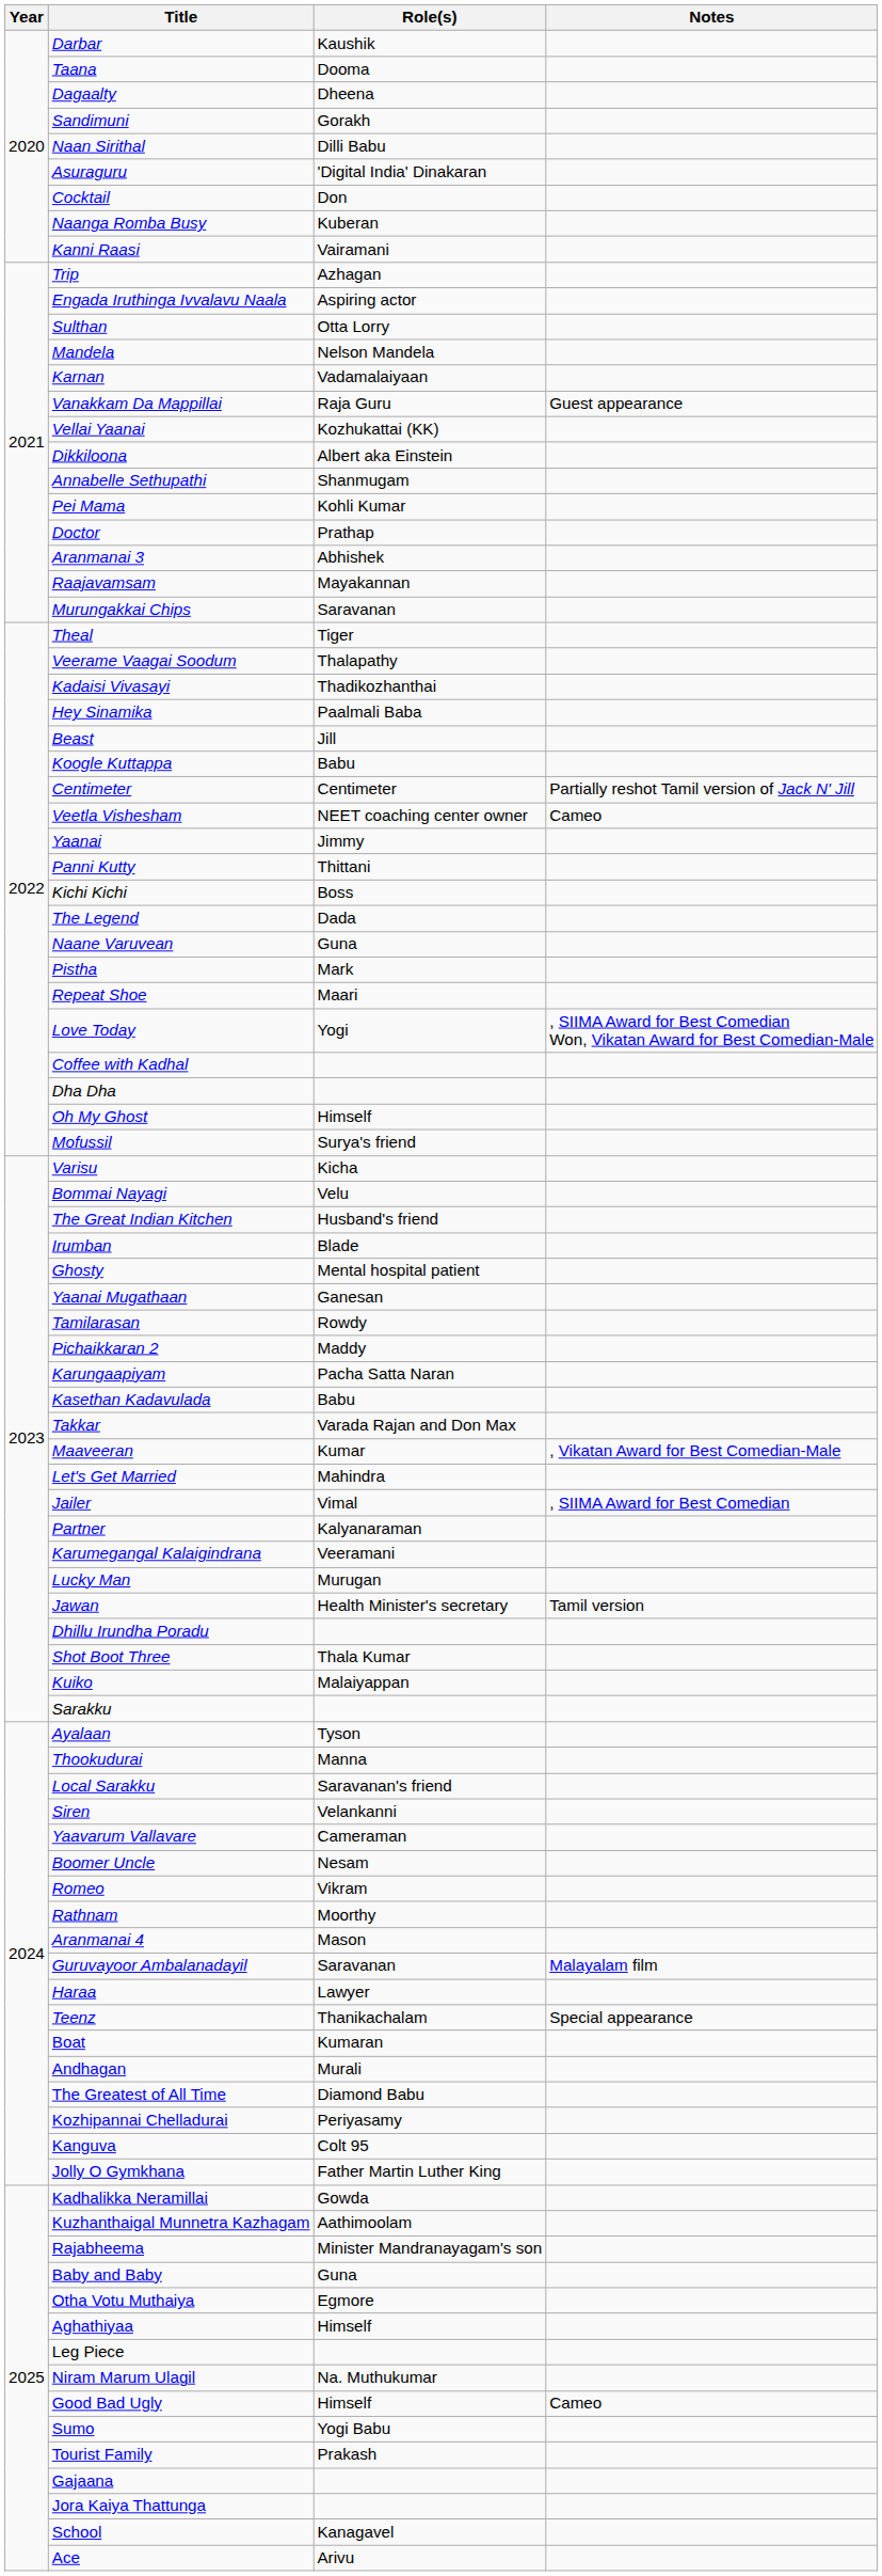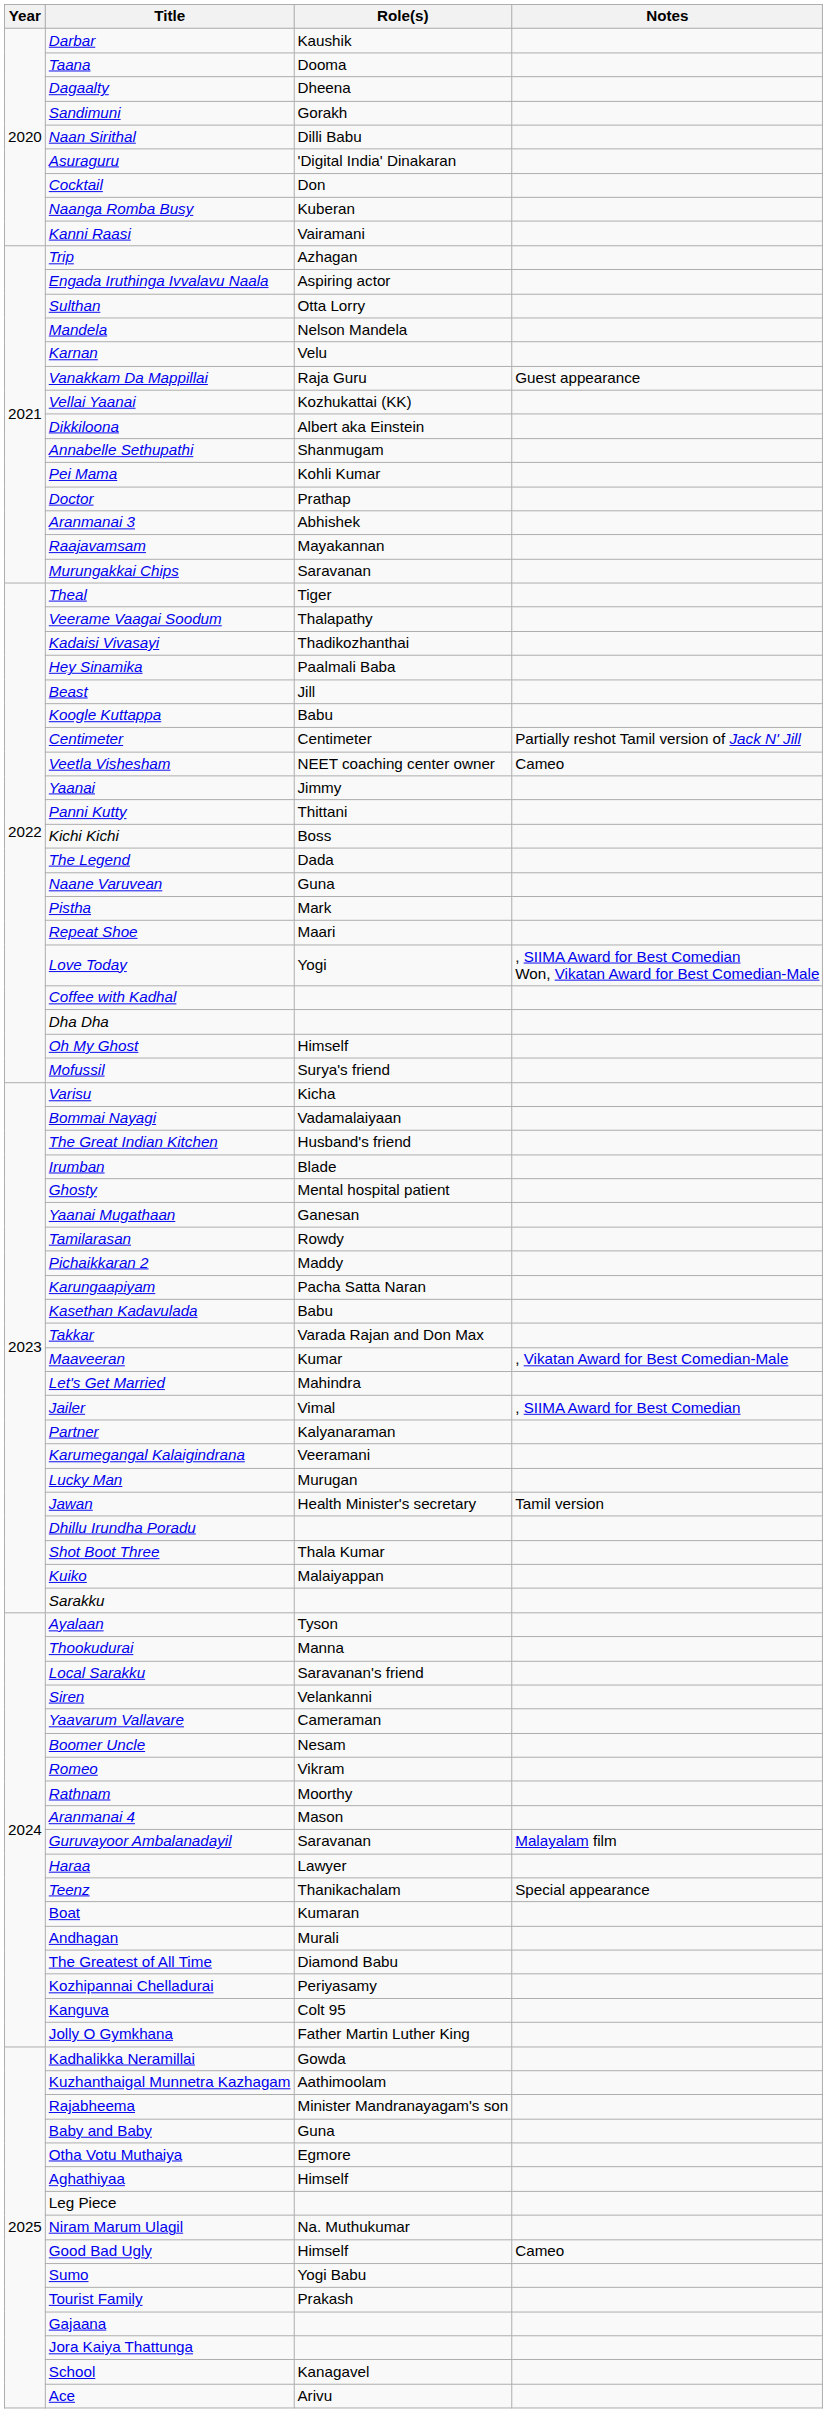 <table class="wikitable sortable">
 <tr style="background:#B0C4DE;">
 <th scope="col">Year</th>
 <th scope="col">Title</th>
 <th scope="col">Role(s)</th>
 <th scope="col" class=unsortable>Notes</th>
 </tr>
 <tr>
 <td rowspan="9">2020</td>
 <td><em><a href='#'>Darbar</a></em></td>
 <td>Kaushik</td>
 <td></td>
 </tr>
 <tr>
 <td><em><a href='#'>Taana</a></em></td>
 <td>Dooma</td>
 <td></td>
 </tr>
 <tr>
 <td><em><a href='#'>Dagaalty</a></em></td>
 <td>Dheena</td>
 <td></td>
 </tr>
 <tr>
 <td><em><a href='#'>Sandimuni</a></em></td>
 <td>Gorakh</td>
 <td></td>
 </tr>
 <tr>
 <td><em><a href='#'>Naan Sirithal</a></em></td>
 <td>Dilli Babu</td>
 <td></td>
 </tr>
 <tr>
 <td><em><a href='#'>Asuraguru</a></em></td>
 <td>'Digital India' Dinakaran</td>
 <td></td>
 </tr>
 <tr>
 <td><em><a href='#'>Cocktail</a></em></td>
 <td>Don</td>
 <td></td>
 </tr>
 <tr>
 <td><em><a href='#'>Naanga Romba Busy</a></em></td>
 <td>Kuberan</td>
 <td></td>
 </tr>
 <tr>
 <td><em><a href='#'>Kanni Raasi</a></em></td>
 <td>Vairamani</td>
 <td></td>
 </tr>
 <tr>
 <td rowspan="14">2021</td>
 <td><em><a href='#'>Trip</a></em></td>
 <td>Azhagan</td>
 <td></td>
 </tr>
 <tr>
 <td><em><a href='#'>Engada Iruthinga Ivvalavu Naala</a></em></td>
 <td>Aspiring actor</td>
 <td></td>
 </tr>
 <tr>
 <td><em><a href='#'>Sulthan</a></em></td>
 <td>Otta Lorry</td>
 <td></td>
 </tr>
 <tr>
 <td><em><a href='#'>Mandela</a></em></td>
 <td>Nelson Mandela</td>
 <td></td>
 </tr>
 <tr>
 <td><em><a href='#'>Karnan</a></em></td>
-<td>Vadamalaiyaan</td>
+<td>Velu</td>
 <td></td>
 </tr>
 <tr>
 <td><em><a href='#'>Vanakkam Da Mappillai</a></em></td>
 <td>Raja Guru</td>
 <td>Guest appearance</td>
 </tr>
 <tr>
 <td><em><a href='#'>Vellai Yaanai</a></em></td>
 <td>Kozhukattai (KK)</td>
 <td></td>
 </tr>
 <tr>
 <td><em><a href='#'>Dikkiloona</a></em></td>
 <td>Albert aka Einstein</td>
 <td></td>
 </tr>
 <tr>
 <td><em><a href='#'>Annabelle Sethupathi</a></em></td>
 <td>Shanmugam</td>
 <td></td>
 </tr>
 <tr>
 <td><em><a href='#'>Pei Mama</a></em></td>
 <td>Kohli Kumar</td>
 <td></td>
 </tr>
 <tr>
 <td><em><a href='#'>Doctor</a> </em></td>
 <td>Prathap</td>
 <td></td>
 </tr>
 <tr>
 <td><em><a href='#'>Aranmanai 3</a></em></td>
 <td>Abhishek</td>
 <td></td>
 </tr>
 <tr>
 <td><em><a href='#'>Raajavamsam</a></em></td>
 <td>Mayakannan</td>
 <td></td>
 </tr>
 <tr>
 <td><em><a href='#'>Murungakkai Chips</a></em></td>
 <td>Saravanan</td>
 <td></td>
 </tr>
 <tr>
 <td rowspan="20">2022</td>
 <td><em><a href='#'>Theal</a></em></td>
 <td>Tiger</td>
 <td></td>
 </tr>
 <tr>
 <td><em><a href='#'>Veerame Vaagai Soodum</a></em></td>
 <td>Thalapathy</td>
 <td></td>
 </tr>
 <tr>
 <td><em><a href='#'>Kadaisi Vivasayi</a></em></td>
 <td>Thadikozhanthai</td>
 <td></td>
 </tr>
 <tr>
 <td><em><a href='#'>Hey Sinamika</a></em></td>
 <td>Paalmali Baba</td>
 <td></td>
 </tr>
 <tr>
 <td><em><a href='#'>Beast</a></em></td>
 <td>Jill</td>
 <td></td>
 </tr>
 <tr>
 <td><em><a href='#'>Koogle Kuttappa</a></em></td>
 <td>Babu</td>
 <td></td>
 </tr>
 <tr>
 <td><em><a href='#'>Centimeter</a></em></td>
 <td>Centimeter</td>
 <td>Partially reshot Tamil version of <em><a href='#'>Jack N' Jill</a></em></td>
 </tr>
 <tr>
 <td><em><a href='#'>Veetla Vishesham</a></em></td>
 <td>NEET coaching center owner</td>
 <td>Cameo</td>
 </tr>
 <tr>
 <td><em><a href='#'>Yaanai</a></em></td>
 <td>Jimmy</td>
 <td></td>
 </tr>
 <tr>
 <td><em><a href='#'>Panni Kutty</a></em></td>
 <td>Thittani</td>
 <td></td>
 </tr>
 <tr>
 <td><em>Kichi Kichi</em></td>
 <td>Boss</td>
 <td></td>
 </tr>
 <tr>
 <td><em><a href='#'>The Legend</a></em></td>
 <td>Dada</td>
 <td></td>
 </tr>
 <tr>
 <td><em><a href='#'>Naane Varuvean</a></em></td>
 <td>Guna</td>
 <td></td>
 </tr>
 <tr>
 <td><em><a href='#'>Pistha</a></em></td>
 <td>Mark</td>
 <td></td>
 </tr>
 <tr>
 <td><em><a href='#'>Repeat Shoe</a></em></td>
 <td>Maari</td>
 <td></td>
 </tr>
 <tr>
 <td><em><a href='#'>Love Today</a></em></td>
 <td>Yogi</td>
 <td>, <a href='#'>SIIMA Award for Best Comedian</a><br> Won, <a href='#'>Vikatan Award for Best Comedian-Male</a></td>
 </tr>
 <tr>
 <td><em><a href='#'>Coffee with Kadhal</a></em></td>
 <td></td>
 <td></td>
 </tr>
 <tr>
 <td><em>Dha Dha</em></td>
 <td></td>
 <td></td>
 </tr>
 <tr>
 <td><em><a href='#'>Oh My Ghost</a></em></td>
 <td>Himself</td>
 <td></td>
 </tr>
 <tr>
 <td><em><a href='#'>Mofussil</a></em></td>
 <td>Surya's friend</td>
 <td></td>
 </tr>
 <tr>
 <td rowspan="22">2023</td>
 <td><em><a href='#'>Varisu</a></em></td>
 <td>Kicha</td>
 <td></td>
 </tr>
 <tr>
 <td><em><a href='#'>Bommai Nayagi</a></em></td>
-<td>Velu</td>
+<td>Vadamalaiyaan</td>
 <td></td>
 </tr>
 <tr>
 <td><em><a href='#'>The Great Indian Kitchen</a></em></td>
 <td>Husband's friend</td>
 <td></td>
 </tr>
 <tr>
 <td><em><a href='#'>Irumban</a></em></td>
 <td>Blade</td>
 <td></td>
 </tr>
 <tr>
 <td><em><a href='#'>Ghosty</a></em></td>
 <td>Mental hospital patient</td>
 <td></td>
 </tr>
 <tr>
 <td><em><a href='#'>Yaanai Mugathaan</a></em></td>
 <td>Ganesan</td>
 <td></td>
 </tr>
 <tr>
 <td><em><a href='#'>Tamilarasan</a></em></td>
 <td>Rowdy</td>
 <td></td>
 </tr>
 <tr>
 <td><em><a href='#'>Pichaikkaran 2</a></em></td>
 <td>Maddy</td>
 <td></td>
 </tr>
 <tr>
 <td><em><a href='#'>Karungaapiyam</a></em></td>
 <td>Pacha Satta Naran</td>
 <td></td>
 </tr>
 <tr>
 <td><em><a href='#'>Kasethan Kadavulada</a></em></td>
 <td>Babu</td>
 <td></td>
 </tr>
 <tr>
 <td><em><a href='#'>Takkar</a></em></td>
 <td>Varada Rajan and Don Max</td>
 <td></td>
 </tr>
 <tr>
 <td><em><a href='#'>Maaveeran</a></em></td>
 <td>Kumar</td>
 <td>, <a href='#'>Vikatan Award for Best Comedian-Male</a></td>
 </tr>
 <tr>
 <td><em><a href='#'>Let's Get Married</a></em></td>
 <td>Mahindra</td>
 <td></td>
 </tr>
 <tr>
 <td><em><a href='#'>Jailer</a></em></td>
 <td>Vimal</td>
 <td>, <a href='#'>SIIMA Award for Best Comedian</a></td>
 </tr>
 <tr>
 <td><em><a href='#'>Partner</a></em></td>
 <td>Kalyanaraman</td>
 <td></td>
 </tr>
 <tr>
 <td><em><a href='#'>Karumegangal Kalaigindrana</a></em></td>
 <td>Veeramani</td>
 <td></td>
 </tr>
 <tr>
 <td><em><a href='#'>Lucky Man</a></em></td>
 <td>Murugan</td>
 <td></td>
 </tr>
 <tr>
 <td><em><a href='#'>Jawan</a></em></td>
 <td>Health Minister's secretary</td>
 <td>Tamil version</td>
 </tr>
 <tr>
 <td><em><a href='#'>Dhillu Irundha Poradu</a></em></td>
 <td></td>
 <td></td>
 </tr>
 <tr>
 <td><em><a href='#'>Shot Boot Three</a></em></td>
 <td>Thala Kumar</td>
 <td></td>
 </tr>
 <tr>
 <td><em><a href='#'>Kuiko</a></em></td>
 <td>Malaiyappan</td>
 <td></td>
 </tr>
 <tr>
 <td><em>Sarakku</em></td>
 <td></td>
 <td></td>
 </tr>
 <tr>
 <td rowspan="18">2024</td>
 <td><em><a href='#'>Ayalaan</a></em></td>
 <td>Tyson</td>
 <td></td>
 </tr>
 <tr>
 <td><em><a href='#'>Thookudurai</a></em></td>
 <td>Manna</td>
 <td></td>
 </tr>
 <tr>
 <td><em><a href='#'>Local Sarakku</a></em></td>
 <td>Saravanan's friend</td>
 <td></td>
 </tr>
 <tr>
 <td><em><a href='#'>Siren</a></em></td>
 <td>Velankanni</td>
 <td></td>
 </tr>
 <tr>
 <td><em><a href='#'>Yaavarum Vallavare</a></em></td>
 <td>Cameraman</td>
 <td></td>
 </tr>
 <tr>
 <td><em><a href='#'>Boomer Uncle</a></em></td>
 <td>Nesam</td>
 <td></td>
 </tr>
 <tr>
 <td><em><a href='#'>Romeo</a></em></td>
 <td>Vikram</td>
 <td></td>
 </tr>
 <tr>
 <td><em><a href='#'>Rathnam</a></em></td>
 <td>Moorthy</td>
 <td></td>
 </tr>
 <tr>
 <td><em><a href='#'>Aranmanai 4</a></em></td>
 <td>Mason</td>
 <td></td>
 </tr>
 <tr>
 <td><em><a href='#'>Guruvayoor Ambalanadayil</a></em></td>
 <td>Saravanan</td>
 <td><a href='#'>Malayalam</a> film</td>
 </tr>
 <tr>
 <td><em><a href='#'>Haraa</a></em></td>
 <td>Lawyer</td>
 <td></td>
 </tr>
 <tr>
 <td><em><a href='#'>Teenz</a></td>
 <td>Thanikachalam</td>
 <td>Special appearance</td>
 </tr>
 <tr>
 <td></em><a href='#'>Boat</a><em></td>
 <td>Kumaran</td>
 <td></td>
 </tr>
 <tr>
 <td></em><a href='#'>Andhagan</a><em></td>
 <td>Murali</td>
 <td></td>
 </tr>
 <tr>
 <td></em><a href='#'>The Greatest of All Time</a><em></td>
 <td>Diamond Babu</td>
 <td></td>
 </tr>
 <tr>
 <td></em><a href='#'>Kozhipannai Chelladurai</a><em></td>
 <td>Periyasamy</td>
 <td></td>
 </tr>
 <tr>
 <td></em><a href='#'>Kanguva</a><em></td>
 <td>Colt 95</td>
 <td></td>
 </tr>
 <tr>
 <td></em><a href='#'>Jolly O Gymkhana</a><em></td>
 <td>Father Martin Luther King</td>
 <td></td>
 </tr>
 <tr>
 <td rowspan="15">2025</td>
 <td></em><a href='#'>Kadhalikka Neramillai</a><em></td>
 <td>Gowda</td>
 <td></td>
 </tr>
 <tr>
 <td></em><a href='#'>Kuzhanthaigal Munnetra Kazhagam</a><em></td>
 <td>Aathimoolam</td>
 <td></td>
 </tr>
 <tr>
 <td></em><a href='#'>Rajabheema</a><em></td>
 <td>Minister Mandranayagam's son</td>
 <td></td>
 </tr>
 <tr>
 <td></em><a href='#'>Baby and Baby</a><em></td>
 <td>Guna</td>
 <td></td>
 </tr>
 <tr>
 <td></em><a href='#'>Otha Votu Muthaiya</a><em></td>
 <td>Egmore</td>
 <td></td>
 </tr>
 <tr>
 <td></em><a href='#'>Aghathiyaa</a><em></td>
 <td>Himself</td>
 <td></td>
 </tr>
 <tr>
 <td></em>Leg Piece<em></td>
 <td></td>
 <td></td>
 </tr>
 <tr>
 <td></em><a href='#'>Niram Marum Ulagil</a><em></td>
 <td>Na. Muthukumar</td>
 <td></td>
 </tr>
 <tr>
 <td></em><a href='#'>Good Bad Ugly</a><em></td>
 <td>Himself</td>
 <td>Cameo</td>
 </tr>
 <tr>
 <td></em><a href='#'>Sumo</a><em></td>
 <td>Yogi Babu</td>
 <td></td>
 </tr>
 <tr>
 <td></em><a href='#'>Tourist Family</a><em></td>
 <td>Prakash</td>
 <td></td>
 </tr>
 <tr>
 <td></em><a href='#'>Gajaana</a><em></td>
 <td></td>
 <td></td>
 </tr>
 <tr>
 <td></em><a href='#'>Jora Kaiya Thattunga</a><em></td>
 <td></td>
 <td></td>
 </tr>
 <tr>
 <td></em><a href='#'>School</a><em></td>
 <td>Kanagavel</td>
 <td></td>
 </tr>
 <tr>
 <td></em><a href='#'>Ace</a><em></td>
 <td>Arivu</td>
 <td></td>
 </tr>
 </table>
